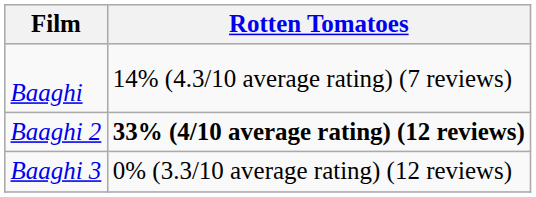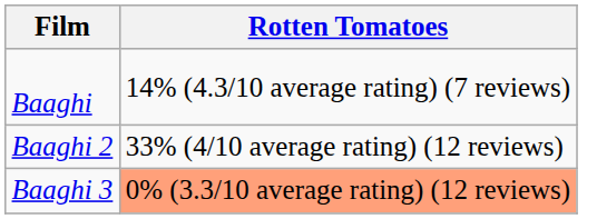 <table class="wikitable sortable">
 <tr>
 <th>Film</th>
 <th><a href='#'>Rotten Tomatoes</a></th>
 </tr>
 <tr>
 <td style="text-align: left;"><br><em><a href='#'>Baaghi</a></em></td>
 <td>14% (4.3/10 average rating) (7 reviews)</td>
 </tr>
 <tr>
 <td><em><a href='#'>Baaghi 2</a></em></td>
-<td><strong>33% (4/10 average rating) (12 reviews)</strong></td>
+<td>33% (4/10 average rating) (12 reviews)</td>
 </tr>
 <tr>
 <td><a href='#'><em>Baaghi 3</em></a></td>
-<td>0% (3.3/10 average rating) (12 reviews)</td>
+<td style="background: lightsalmon;">0% (3.3/10 average rating) (12 reviews)</td>
 </tr>
 </table>
